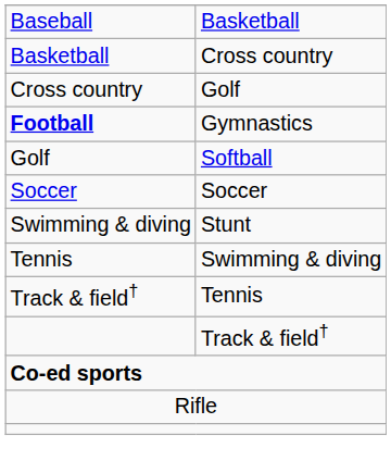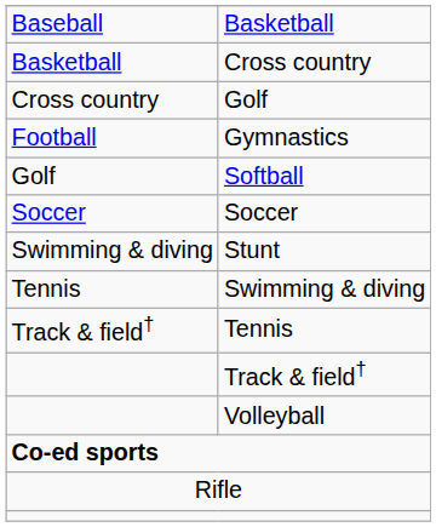 <table class="wikitable" style="float:right; clear:right; margin:0 0 1em 1em;">
 <tr>
 </tr>
 <tr>
 <td><a href='#'>Baseball</a></td>
 <td><a href='#'>Basketball</a></td>
 </tr>
 <tr>
 <td><a href='#'>Basketball</a></td>
 <td>Cross country</td>
 </tr>
 <tr>
 <td>Cross country</td>
 <td>Golf</td>
 </tr>
 <tr>
-<td><strong><a href='#'>Football</a></strong></td>
+<td><a href='#'>Football</a></td>
 <td>Gymnastics</td>
 </tr>
 <tr>
 <td>Golf</td>
 <td><a href='#'>Softball</a></td>
 </tr>
 <tr>
 <td><a href='#'>Soccer</a></td>
 <td>Soccer</td>
 </tr>
 <tr>
 <td>Swimming & diving</td>
 <td>Stunt</td>
 </tr>
 <tr>
 <td>Tennis</td>
 <td>Swimming & diving</td>
 </tr>
 <tr>
 <td>Track & field<sup>†</sup></td>
 <td>Tennis</td>
 </tr>
 <tr>
 <td></td>
 <td>Track & field<sup>†</sup></td>
 </tr>
 <tr>
+<td></td>
+<td>Volleyball</td>
+</tr>
+<tr>
 <td colspan="2"><strong>Co-ed sports</strong></td>
 </tr>
 <tr>
 <td colspan="2" style="text-align:center">Rifle</td>
 </tr>
 <tr>
 <td colspan="2"></td>
 </tr>
 </table>
